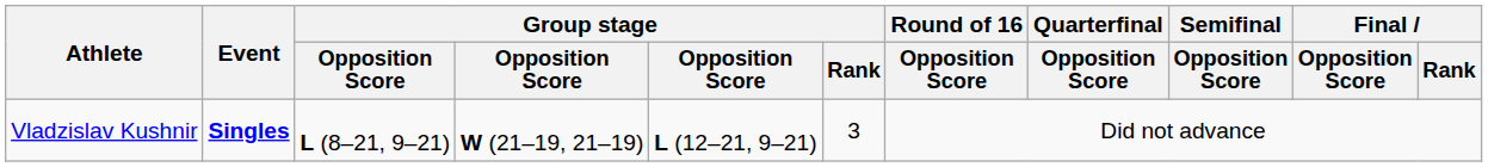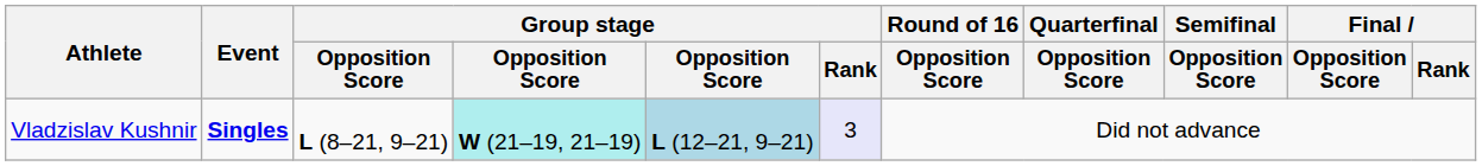 <table class="wikitable" style="font-size:90%">
 <tr>
 <th rowspan=2>Athlete</th>
 <th rowspan=2>Event</th>
 <th colspan=4>Group stage</th>
 <th>Round of 16</th>
 <th>Quarterfinal</th>
 <th>Semifinal</th>
 <th colspan=2>Final / </th>
 </tr>
 <tr style="font-size:95%">
 <th>Opposition<br>Score</th>
 <th>Opposition<br>Score</th>
 <th>Opposition<br>Score</th>
 <th>Rank</th>
 <th>Opposition<br>Score</th>
 <th>Opposition<br>Score</th>
 <th>Opposition<br>Score</th>
 <th>Opposition<br>Score</th>
 <th>Rank</th>
 </tr>
 <tr align=center>
 <td align=left><a href='#'>Vladzislav Kushnir</a></td>
 <td align=left><strong><a href='#'>Singles</a></strong></td>
 <td><br><strong>L</strong> (8–21, 9–21)</td>
-<td><br><strong>W</strong> (21–19, 21–19)</td>
-<td><br><strong>L</strong> (12–21, 9–21)</td>
-<td>3</td>
+<td style="background: paleturquoise;"><br><strong>W</strong> (21–19, 21–19)</td>
+<td style="background: lightblue;"><br><strong>L</strong> (12–21, 9–21)</td>
+<td style="background: lavender;">3</td>
 <td colspan="5">Did not advance</td>
 </tr>
 </table>
